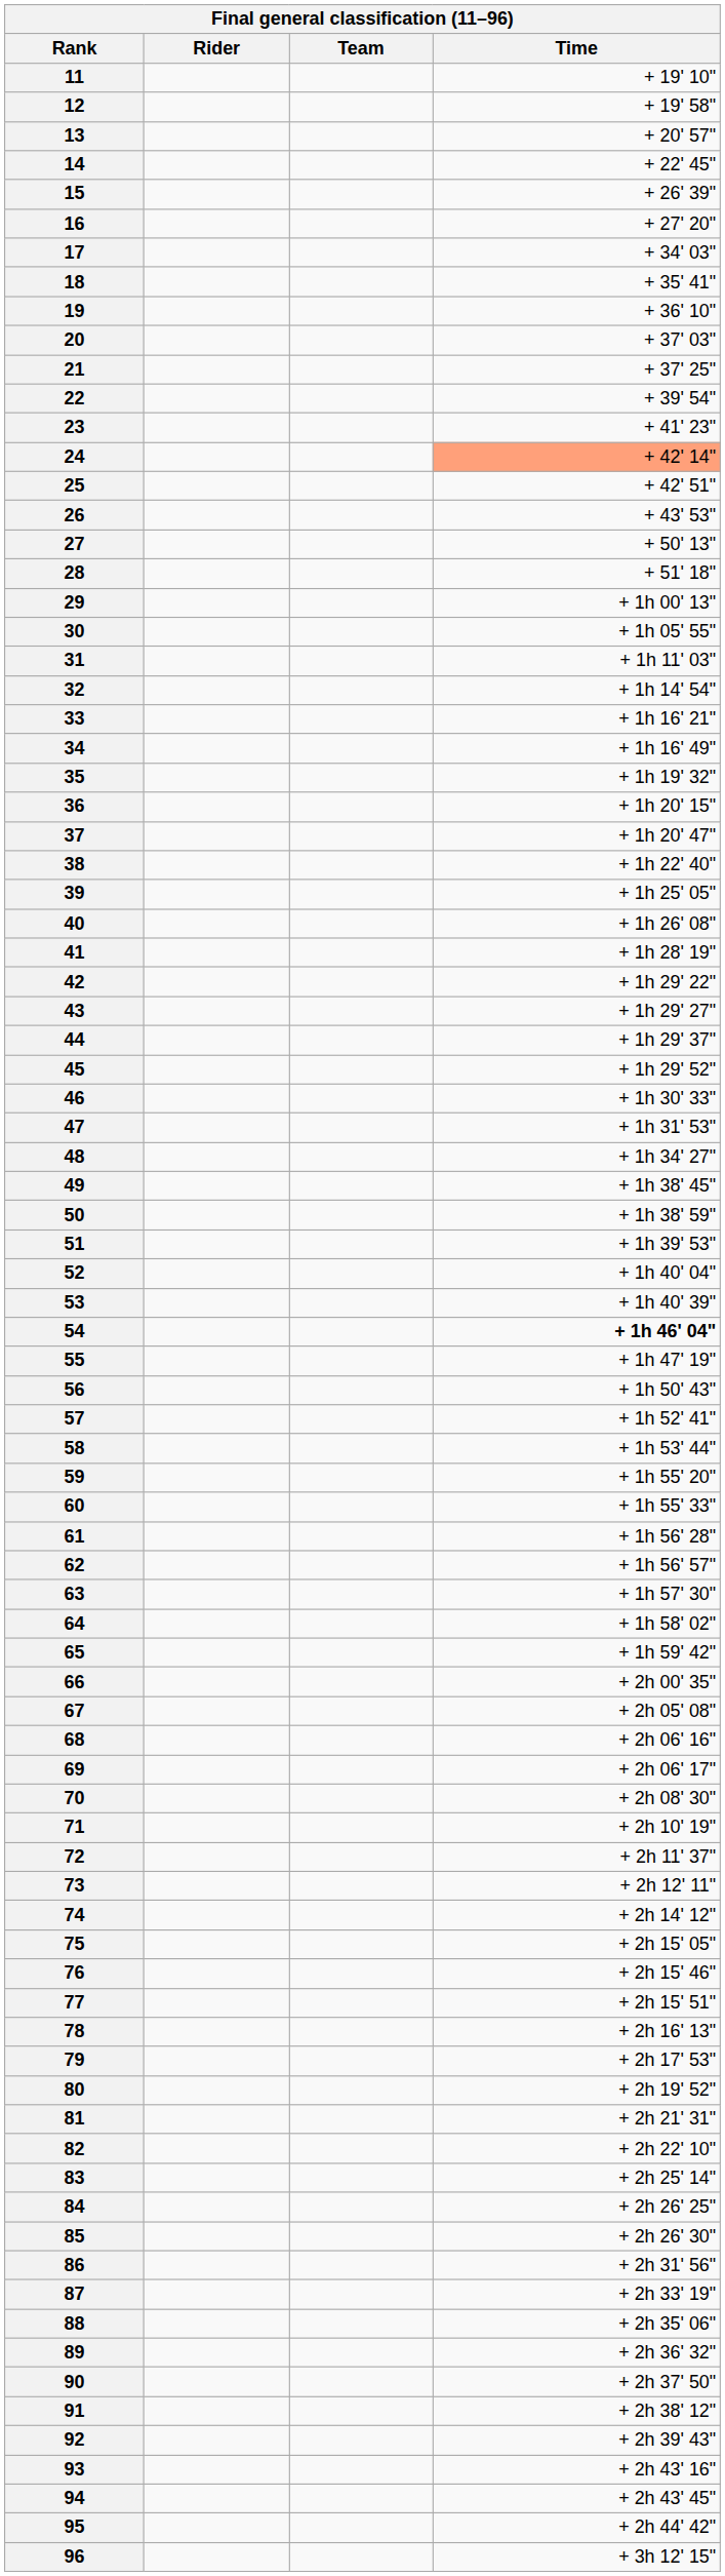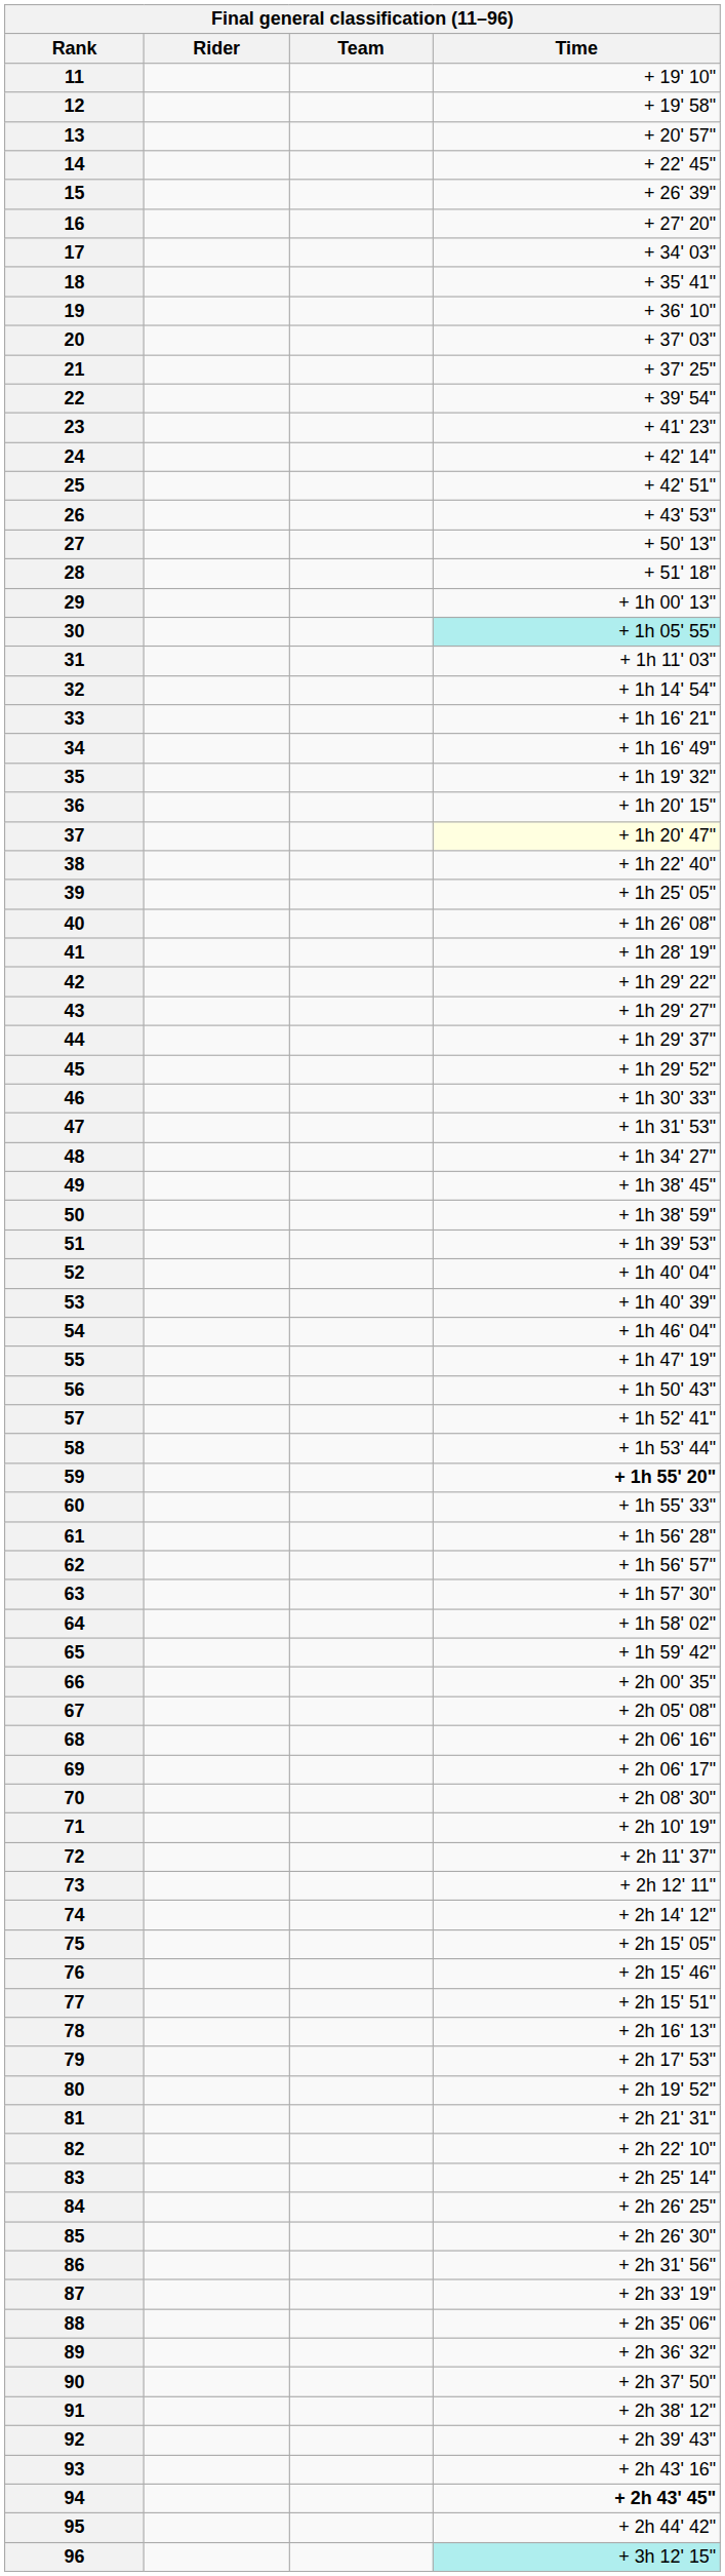 <table class="collapsible collapsed wikitable" style="width:39em;margin-top:-1px;">
 <tr>
 <th scope="col" colspan="4">Final general classification (11–96)</th>
 </tr>
 <tr>
 <th scope="col">Rank</th>
 <th scope="col">Rider</th>
 <th scope="col">Team</th>
 <th scope="col">Time</th>
 </tr>
 <tr |->
 <th scope="row">11</th>
 <td></td>
 <td></td>
 <td style="text-align:right;">+ 19' 10"</td>
 </tr>
 <tr>
 <th scope="row">12</th>
 <td></td>
 <td></td>
 <td style="text-align:right;">+ 19' 58"</td>
 </tr>
 <tr>
 <th scope="row">13</th>
 <td></td>
 <td></td>
 <td style="text-align:right;">+ 20' 57"</td>
 </tr>
 <tr>
 <th scope="row">14</th>
 <td></td>
 <td></td>
 <td style="text-align:right;">+ 22' 45"</td>
 </tr>
 <tr>
 <th scope="row">15</th>
 <td></td>
 <td></td>
 <td style="text-align:right;">+ 26' 39"</td>
 </tr>
 <tr>
 <th scope="row">16</th>
 <td></td>
 <td></td>
 <td style="text-align:right;">+ 27' 20"</td>
 </tr>
 <tr>
 <th scope="row">17</th>
 <td></td>
 <td></td>
 <td style="text-align:right;">+ 34' 03"</td>
 </tr>
 <tr>
 <th scope="row">18</th>
 <td></td>
 <td></td>
 <td style="text-align:right;">+ 35' 41"</td>
 </tr>
 <tr>
 <th scope="row">19</th>
 <td></td>
 <td></td>
 <td style="text-align:right;">+ 36' 10"</td>
 </tr>
 <tr>
 <th scope="row">20</th>
 <td></td>
 <td></td>
 <td style="text-align:right;">+ 37' 03"</td>
 </tr>
 <tr>
 <th scope="row">21</th>
 <td></td>
 <td></td>
 <td style="text-align:right;">+ 37' 25"</td>
 </tr>
 <tr>
 <th scope="row">22</th>
 <td></td>
 <td></td>
 <td style="text-align:right;">+ 39' 54"</td>
 </tr>
 <tr>
 <th scope="row">23</th>
 <td></td>
 <td></td>
 <td style="text-align:right;">+ 41' 23"</td>
 </tr>
 <tr>
 <th scope="row">24</th>
 <td></td>
 <td></td>
-<td style="background: lightsalmon; text-align:right;">+ 42' 14"</td>
+<td style="text-align:right;">+ 42' 14"</td>
 </tr>
 <tr>
 <th scope="row">25</th>
 <td></td>
 <td></td>
 <td style="text-align:right;">+ 42' 51"</td>
 </tr>
 <tr>
 <th scope="row">26</th>
 <td></td>
 <td></td>
 <td style="text-align:right;">+ 43' 53"</td>
 </tr>
 <tr>
 <th scope="row">27</th>
 <td></td>
 <td></td>
 <td style="text-align:right;">+ 50' 13"</td>
 </tr>
 <tr>
 <th scope="row">28</th>
 <td></td>
 <td></td>
 <td style="text-align:right;">+ 51' 18"</td>
 </tr>
 <tr>
 <th scope="row">29</th>
 <td></td>
 <td></td>
 <td style="text-align:right;">+ 1h 00' 13"</td>
 </tr>
 <tr>
 <th scope="row">30</th>
 <td></td>
 <td></td>
-<td style="text-align:right;">+ 1h 05' 55"</td>
+<td style="background: paleturquoise; text-align:right;">+ 1h 05' 55"</td>
 </tr>
 <tr>
 <th scope="row">31</th>
 <td></td>
 <td></td>
 <td style="text-align:right;">+ 1h 11' 03"</td>
 </tr>
 <tr>
 <th scope="row">32</th>
 <td></td>
 <td></td>
 <td style="text-align:right;">+ 1h 14' 54"</td>
 </tr>
 <tr>
 <th scope="row">33</th>
 <td></td>
 <td></td>
 <td style="text-align:right;">+ 1h 16' 21"</td>
 </tr>
 <tr>
 <th scope="row">34</th>
 <td></td>
 <td></td>
 <td style="text-align:right;">+ 1h 16' 49"</td>
 </tr>
 <tr>
 <th scope="row">35</th>
 <td></td>
 <td></td>
 <td style="text-align:right;">+ 1h 19' 32"</td>
 </tr>
 <tr>
 <th scope="row">36</th>
 <td></td>
 <td></td>
 <td style="text-align:right;">+ 1h 20' 15"</td>
 </tr>
 <tr>
 <th scope="row">37</th>
 <td></td>
 <td></td>
-<td style="text-align:right;">+ 1h 20' 47"</td>
+<td style="background: lightyellow; text-align:right;">+ 1h 20' 47"</td>
 </tr>
 <tr>
 <th scope="row">38</th>
 <td></td>
 <td></td>
 <td style="text-align:right;">+ 1h 22' 40"</td>
 </tr>
 <tr>
 <th scope="row">39</th>
 <td></td>
 <td></td>
 <td style="text-align:right;">+ 1h 25' 05"</td>
 </tr>
 <tr>
 <th scope="row">40</th>
 <td></td>
 <td></td>
 <td style="text-align:right;">+ 1h 26' 08"</td>
 </tr>
 <tr>
 <th scope="row">41</th>
 <td></td>
 <td></td>
 <td style="text-align:right;">+ 1h 28' 19"</td>
 </tr>
 <tr>
 <th scope="row">42</th>
 <td></td>
 <td></td>
 <td style="text-align:right;">+ 1h 29' 22"</td>
 </tr>
 <tr>
 <th scope="row">43</th>
 <td></td>
 <td></td>
 <td style="text-align:right;">+ 1h 29' 27"</td>
 </tr>
 <tr>
 <th scope="row">44</th>
 <td></td>
 <td></td>
 <td style="text-align:right;">+ 1h 29' 37"</td>
 </tr>
 <tr>
 <th scope="row">45</th>
 <td></td>
 <td></td>
 <td style="text-align:right;">+ 1h 29' 52"</td>
 </tr>
 <tr>
 <th scope="row">46</th>
 <td></td>
 <td></td>
 <td style="text-align:right;">+ 1h 30' 33"</td>
 </tr>
 <tr>
 <th scope="row">47</th>
 <td></td>
 <td></td>
 <td style="text-align:right;">+ 1h 31' 53"</td>
 </tr>
 <tr>
 <th scope="row">48</th>
 <td></td>
 <td></td>
 <td style="text-align:right;">+ 1h 34' 27"</td>
 </tr>
 <tr>
 <th scope="row">49</th>
 <td></td>
 <td></td>
 <td style="text-align:right;">+ 1h 38' 45"</td>
 </tr>
 <tr>
 <th scope="row">50</th>
 <td></td>
 <td></td>
 <td style="text-align:right;">+ 1h 38' 59"</td>
 </tr>
 <tr>
 <th scope="row">51</th>
 <td></td>
 <td></td>
 <td style="text-align:right;">+ 1h 39' 53"</td>
 </tr>
 <tr>
 <th scope="row">52</th>
 <td></td>
 <td></td>
 <td style="text-align:right;">+ 1h 40' 04"</td>
 </tr>
 <tr>
 <th scope="row">53</th>
 <td></td>
 <td></td>
 <td style="text-align:right;">+ 1h 40' 39"</td>
 </tr>
 <tr>
 <th scope="row">54</th>
 <td></td>
 <td></td>
-<td style="text-align:right;"><strong>+ 1h 46' 04"</strong></td>
+<td style="text-align:right;">+ 1h 46' 04"</td>
 </tr>
 <tr>
 <th scope="row">55</th>
 <td></td>
 <td></td>
 <td style="text-align:right;">+ 1h 47' 19"</td>
 </tr>
 <tr>
 <th scope="row">56</th>
 <td></td>
 <td></td>
 <td style="text-align:right;">+ 1h 50' 43"</td>
 </tr>
 <tr>
 <th scope="row">57</th>
 <td></td>
 <td></td>
 <td style="text-align:right;">+ 1h 52' 41"</td>
 </tr>
 <tr>
 <th scope="row">58</th>
 <td></td>
 <td></td>
 <td style="text-align:right;">+ 1h 53' 44"</td>
 </tr>
 <tr>
 <th scope="row">59</th>
 <td></td>
 <td></td>
-<td style="text-align:right;">+ 1h 55' 20"</td>
+<td style="text-align:right;"><strong>+ 1h 55' 20"</strong></td>
 </tr>
 <tr>
 <th scope="row">60</th>
 <td></td>
 <td></td>
 <td style="text-align:right;">+ 1h 55' 33"</td>
 </tr>
 <tr>
 <th scope="row">61</th>
 <td></td>
 <td></td>
 <td style="text-align:right;">+ 1h 56' 28"</td>
 </tr>
 <tr>
 <th scope="row">62</th>
 <td> </td>
 <td></td>
 <td style="text-align:right;">+ 1h 56' 57"</td>
 </tr>
 <tr>
 <th scope="row">63</th>
 <td></td>
 <td></td>
 <td style="text-align:right;">+ 1h 57' 30"</td>
 </tr>
 <tr>
 <th scope="row">64</th>
 <td></td>
 <td></td>
 <td style="text-align:right;">+ 1h 58' 02"</td>
 </tr>
 <tr>
 <th scope="row">65</th>
 <td> </td>
 <td></td>
 <td style="text-align:right;">+ 1h 59' 42"</td>
 </tr>
 <tr>
 <th scope="row">66</th>
 <td></td>
 <td></td>
 <td style="text-align:right;">+ 2h 00' 35"</td>
 </tr>
 <tr>
 <th scope="row">67</th>
 <td></td>
 <td></td>
 <td style="text-align:right;">+ 2h 05' 08"</td>
 </tr>
 <tr>
 <th scope="row">68</th>
 <td></td>
 <td></td>
 <td style="text-align:right;">+ 2h 06' 16"</td>
 </tr>
 <tr>
 <th scope="row">69</th>
 <td></td>
 <td></td>
 <td style="text-align:right;">+ 2h 06' 17"</td>
 </tr>
 <tr>
 <th scope="row">70</th>
 <td></td>
 <td></td>
 <td style="text-align:right;">+ 2h 08' 30"</td>
 </tr>
 <tr>
 <th scope="row">71</th>
 <td></td>
 <td></td>
 <td style="text-align:right;">+ 2h 10' 19"</td>
 </tr>
 <tr>
 <th scope="row">72</th>
 <td></td>
 <td></td>
 <td style="text-align:right;">+ 2h 11' 37"</td>
 </tr>
 <tr>
 <th scope="row">73</th>
 <td></td>
 <td></td>
 <td style="text-align:right;">+ 2h 12' 11"</td>
 </tr>
 <tr>
 <th scope="row">74</th>
 <td></td>
 <td></td>
 <td style="text-align:right;">+ 2h 14' 12"</td>
 </tr>
 <tr>
 <th scope="row">75</th>
 <td></td>
 <td></td>
 <td style="text-align:right;">+ 2h 15' 05"</td>
 </tr>
 <tr>
 <th scope="row">76</th>
 <td></td>
 <td></td>
 <td style="text-align:right;">+ 2h 15' 46"</td>
 </tr>
 <tr>
 <th scope="row">77</th>
 <td></td>
 <td></td>
 <td style="text-align:right;">+ 2h 15' 51"</td>
 </tr>
 <tr>
 <th scope="row">78</th>
 <td></td>
 <td></td>
 <td style="text-align:right;">+ 2h 16' 13"</td>
 </tr>
 <tr>
 <th scope="row">79</th>
 <td></td>
 <td></td>
 <td style="text-align:right;">+ 2h 17' 53"</td>
 </tr>
 <tr>
 <th scope="row">80</th>
 <td></td>
 <td></td>
 <td style="text-align:right;">+ 2h 19' 52"</td>
 </tr>
 <tr>
 <th scope="row">81</th>
 <td></td>
 <td></td>
 <td style="text-align:right;">+ 2h 21' 31"</td>
 </tr>
 <tr>
 <th scope="row">82</th>
 <td></td>
 <td></td>
 <td style="text-align:right;">+ 2h 22' 10"</td>
 </tr>
 <tr>
 <th scope="row">83</th>
 <td></td>
 <td></td>
 <td style="text-align:right;">+ 2h 25' 14"</td>
 </tr>
 <tr>
 <th scope="row">84</th>
 <td></td>
 <td></td>
 <td style="text-align:right;">+ 2h 26' 25"</td>
 </tr>
 <tr>
 <th scope="row">85</th>
 <td></td>
 <td></td>
 <td style="text-align:right;">+ 2h 26' 30"</td>
 </tr>
 <tr>
 <th scope="row">86</th>
 <td></td>
 <td></td>
 <td style="text-align:right;">+ 2h 31' 56"</td>
 </tr>
 <tr>
 <th scope="row">87</th>
 <td></td>
 <td></td>
 <td style="text-align:right;">+ 2h 33' 19"</td>
 </tr>
 <tr>
 <th scope="row">88</th>
 <td></td>
 <td></td>
 <td style="text-align:right;">+ 2h 35' 06"</td>
 </tr>
 <tr>
 <th scope="row">89</th>
 <td></td>
 <td></td>
 <td style="text-align:right;">+ 2h 36' 32"</td>
 </tr>
 <tr>
 <th scope="row">90</th>
 <td></td>
 <td></td>
 <td style="text-align:right;">+ 2h 37' 50"</td>
 </tr>
 <tr>
 <th scope="row">91</th>
 <td></td>
 <td></td>
 <td style="text-align:right;">+ 2h 38' 12"</td>
 </tr>
 <tr>
 <th scope="row">92</th>
 <td></td>
 <td></td>
 <td style="text-align:right;">+ 2h 39' 43"</td>
 </tr>
 <tr>
 <th scope="row">93</th>
 <td></td>
 <td></td>
 <td style="text-align:right;">+ 2h 43' 16"</td>
 </tr>
 <tr>
 <th scope="row">94</th>
 <td></td>
 <td></td>
-<td style="text-align:right;">+ 2h 43' 45"</td>
+<td style="text-align:right;"><strong>+ 2h 43' 45"</strong></td>
 </tr>
 <tr>
 <th scope="row">95</th>
 <td></td>
 <td></td>
 <td style="text-align:right;">+ 2h 44' 42"</td>
 </tr>
 <tr>
 <th scope="row">96</th>
 <td></td>
 <td></td>
-<td style="text-align:right;">+ 3h 12' 15"</td>
+<td style="background: paleturquoise; text-align:right;">+ 3h 12' 15"</td>
 </tr>
 </table>
